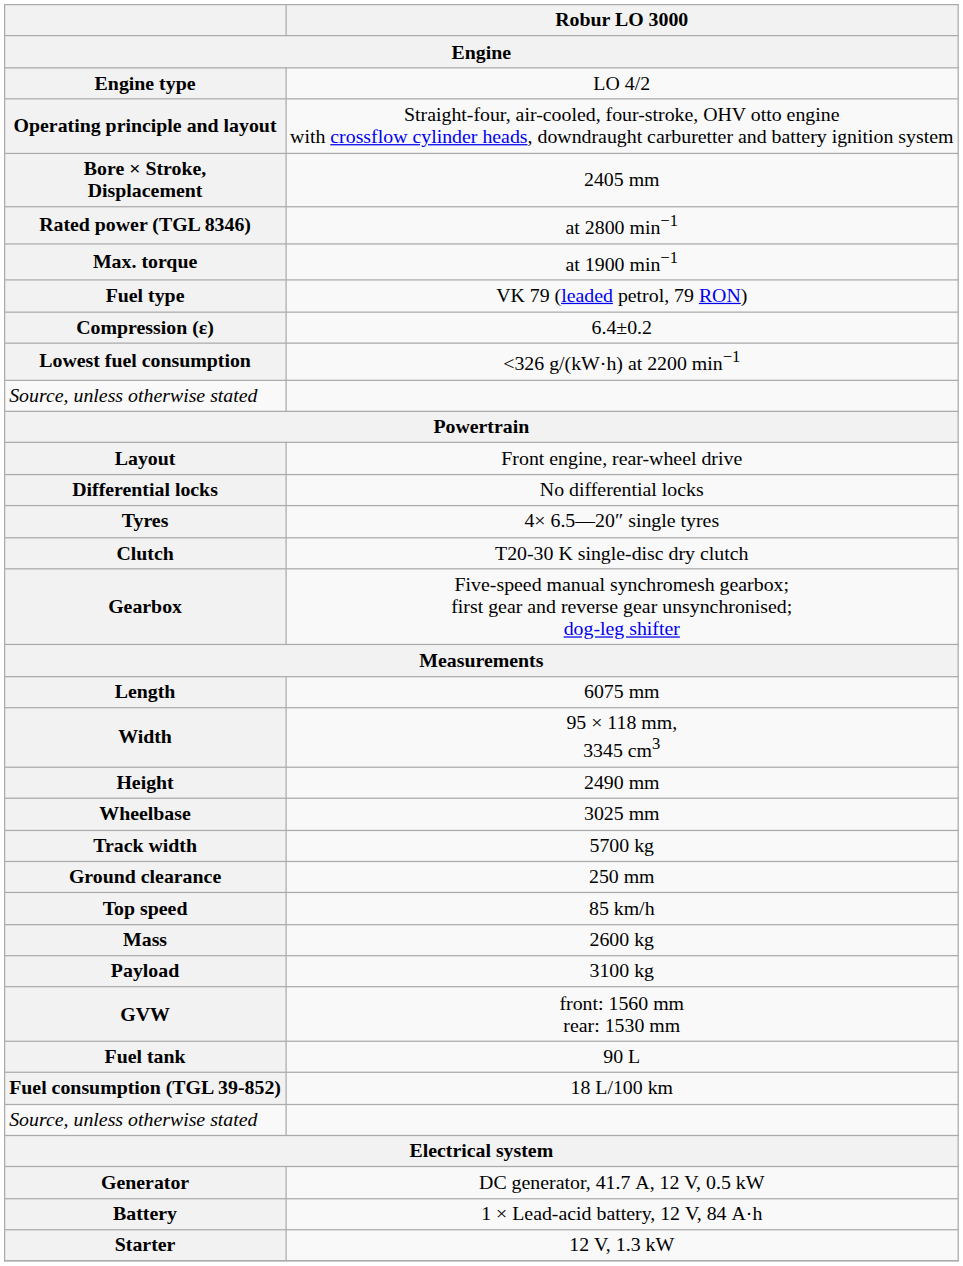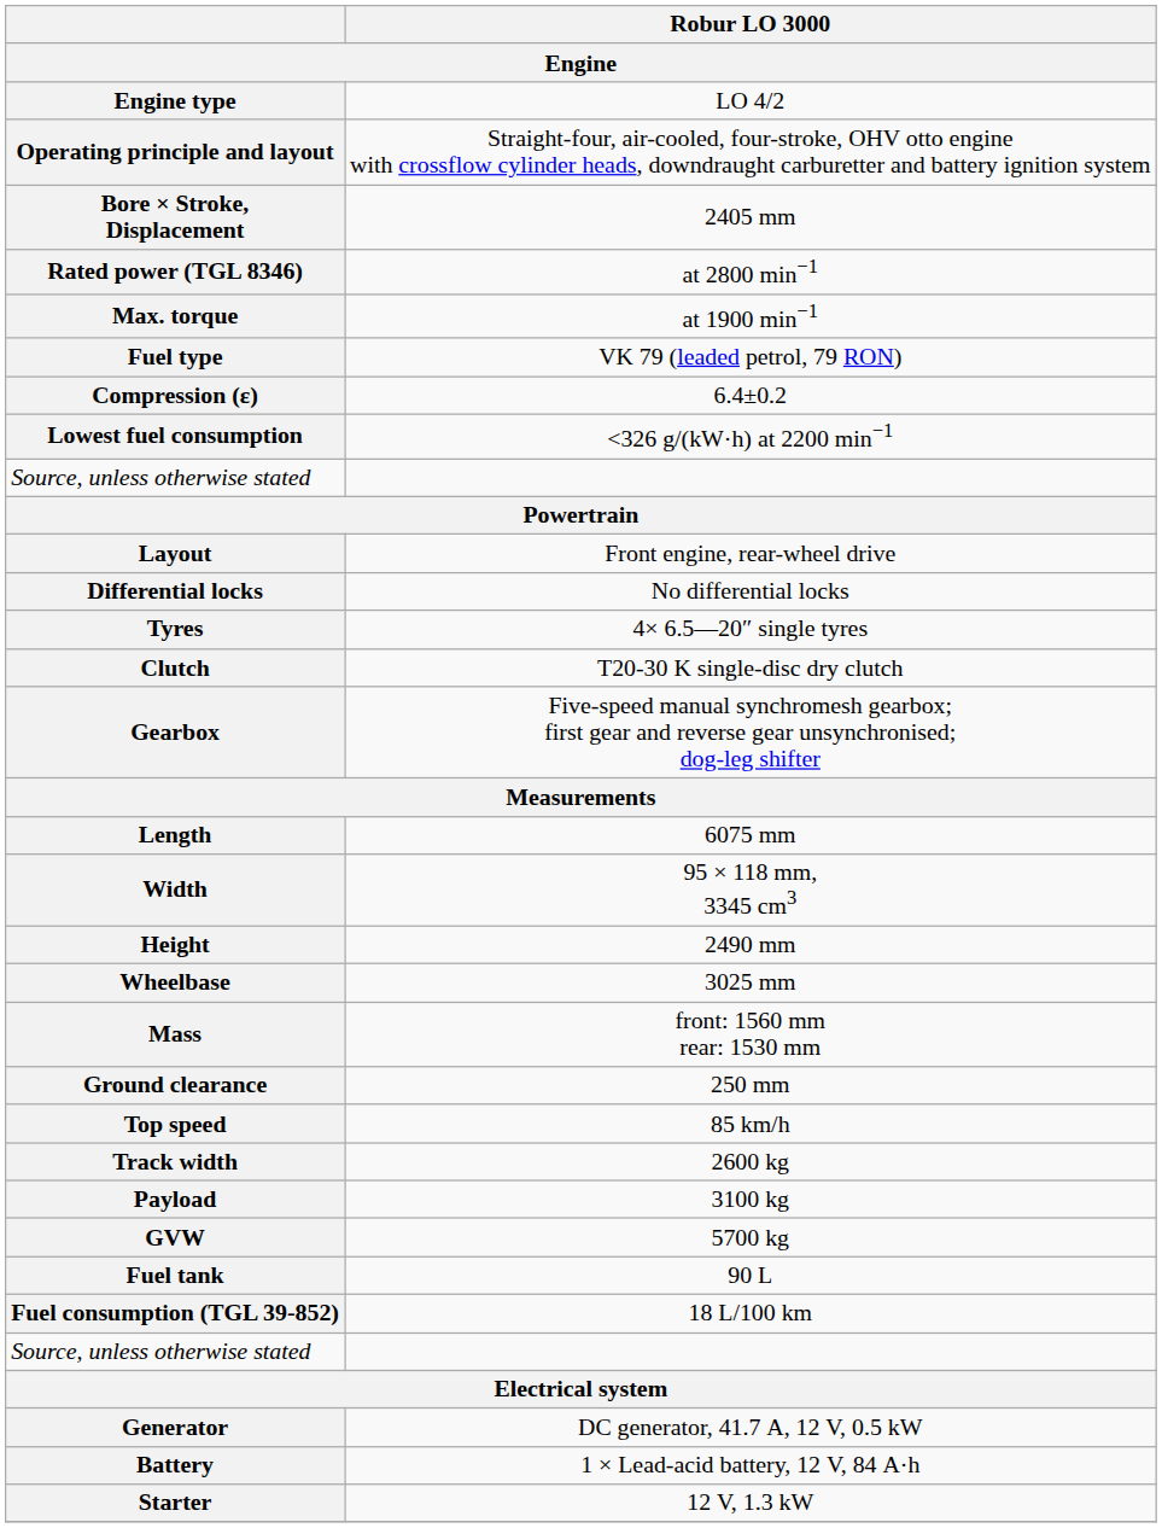 <table class="wikitable mw-collapsible">
 <tr>
 <th></th>
 <th>Robur LO 3000</th>
 </tr>
 <tr>
 <th colspan="2">Engine</th>
 </tr>
 <tr>
 <th>Engine type</th>
 <td align="center" colspan="1">LO 4/2</td>
 </tr>
 <tr>
 <th>Operating principle and layout</th>
 <td align="center" colspan="1">Straight-four, air-cooled, four-stroke, OHV otto engine<br>with <a href='#'>crossflow cylinder heads</a>, downdraught carburetter and battery ignition system</td>
 </tr>
 <tr>
 <th>Bore × Stroke,<br>Displacement</th>
 <td align="center" colspan="1">2405 mm</td>
 </tr>
 <tr>
 <th>Rated power (TGL 8346)</th>
 <td align="center" colspan="1"> at 2800 min<sup>−1</sup></td>
 </tr>
 <tr>
 <th>Max. torque</th>
 <td align="center" colspan="1"> at 1900 min<sup>−1</sup></td>
 </tr>
 <tr>
 <th>Fuel type</th>
 <td align="center" colspan="1">VK 79 (<a href='#'>leaded</a> petrol, 79 <a href='#'>RON</a>)</td>
 </tr>
 <tr>
 <th>Compression (ε)</th>
 <td align="center" colspan="1">6.4±0.2</td>
 </tr>
 <tr>
 <th>Lowest fuel consumption</th>
 <td align="center" colspan="1"><326 g/(kW·h) at 2200 min<sup>−1</sup></td>
 </tr>
 <tr>
 <td><em>Source, unless otherwise stated</em></td>
 <td align="center" colspan="1"></td>
 </tr>
 <tr>
 <th colspan="2">Powertrain</th>
 </tr>
 <tr>
 <th>Layout</th>
 <td align="center" colspan="1">Front engine, rear-wheel drive</td>
 </tr>
 <tr>
 <th>Differential locks</th>
 <td align="center" colspan="1">No differential locks</td>
 </tr>
 <tr>
 <th>Tyres</th>
 <td align="center" colspan="1">4× 6.5—20″ single tyres</td>
 </tr>
 <tr>
 <th>Clutch</th>
 <td align="center" colspan="1">T20-30 K single-disc dry clutch</td>
 </tr>
 <tr>
 <th>Gearbox</th>
 <td align="center" colspan="1">Five-speed manual synchromesh gearbox;<br>first gear and reverse gear unsynchronised;<br><a href='#'>dog-leg shifter</a></td>
 </tr>
 <tr>
 <th colspan="2">Measurements</th>
 </tr>
 <tr>
 <th>Length</th>
 <td align="center" colspan="1">6075 mm</td>
 </tr>
 <tr>
 <th>Width</th>
 <td align="center" colspan="1">95 × 118 mm,<br>3345 cm<sup>3</sup></td>
 </tr>
 <tr>
 <th>Height</th>
 <td align="center" colspan="1">2490 mm</td>
 </tr>
 <tr>
 <th>Wheelbase</th>
 <td align="center" colspan="1">3025 mm</td>
 </tr>
 <tr>
-<th>Track width</th>
-<td align="center" colspan="1">5700 kg</td>
+<th>Mass</th>
+<td align="center" colspan="1">front: 1560 mm<br>rear: 1530 mm</td>
 </tr>
 <tr>
 <th>Ground clearance</th>
 <td align="center" colspan="1">250 mm</td>
 </tr>
 <tr>
 <th>Top speed</th>
 <td align="center" colspan="1">85 km/h</td>
 </tr>
 <tr>
-<th>Mass</th>
+<th>Track width</th>
 <td align="center" colspan="1">2600 kg</td>
 </tr>
 <tr>
 <th>Payload</th>
 <td align="center" colspan="1">3100 kg</td>
 </tr>
 <tr>
 <th>GVW</th>
-<td align="center" colspan="1">front: 1560 mm<br>rear: 1530 mm</td>
+<td align="center" colspan="1">5700 kg</td>
 </tr>
 <tr>
 <th>Fuel tank</th>
 <td align="center" colspan="1">90 L</td>
 </tr>
 <tr>
 <th>Fuel consumption (TGL 39-852)</th>
 <td align="center" colspan="1">18 L/100 km</td>
 </tr>
 <tr>
 <td><em>Source, unless otherwise stated</em></td>
 <td align="center" colspan="1"></td>
 </tr>
 <tr>
 <th colspan="2">Electrical system</th>
 </tr>
 <tr>
 <th>Generator</th>
 <td align="center" colspan="1">DC generator, 41.7 A, 12 V, 0.5 kW</td>
 </tr>
 <tr>
 <th>Battery</th>
 <td align="center" colspan="1">1 × Lead-acid battery, 12 V, 84 A·h</td>
 </tr>
 <tr>
 <th>Starter</th>
 <td align="center" colspan="1">12 V, 1.3 kW</td>
 </tr>
 <tr>
 </tr>
 </table>
